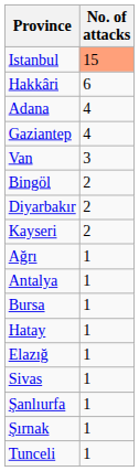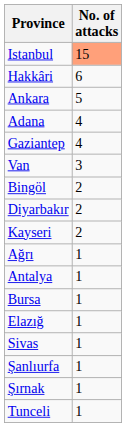 <table class="wikitable sortable" style="display:inline-table;">
 <tr>
 <th>Province</th>
 <th>No. of<br>attacks</th>
 </tr>
 <tr>
 <td><a href='#'>Istanbul</a></td>
 <td style="background: lightsalmon;">15</td>
 </tr>
 <tr>
 <td><a href='#'>Hakkâri</a></td>
 <td>6</td>
+</tr>
+<tr>
+<td><a href='#'>Ankara</a></td>
+<td>5</td>
 </tr>
 <tr>
 <td><a href='#'>Adana</a></td>
 <td>4</td>
 </tr>
 <tr>
 <td><a href='#'>Gaziantep</a></td>
 <td>4</td>
 </tr>
 <tr>
 <td><a href='#'>Van</a></td>
 <td>3</td>
 </tr>
 <tr>
 <td><a href='#'>Bingöl</a></td>
 <td>2</td>
 </tr>
 <tr>
 <td><a href='#'>Diyarbakır</a></td>
 <td>2</td>
 </tr>
 <tr>
 <td><a href='#'>Kayseri</a></td>
 <td>2</td>
 </tr>
 <tr>
 <td><a href='#'>Ağrı</a></td>
 <td>1</td>
 </tr>
 <tr>
 <td><a href='#'>Antalya</a></td>
 <td>1</td>
 </tr>
 <tr>
 <td><a href='#'>Bursa</a></td>
 <td>1</td>
 </tr>
 <tr>
-<td><a href='#'>Hatay</a></td>
-<td>1</td>
-</tr>
-<tr>
 <td><a href='#'>Elazığ</a></td>
 <td>1</td>
 </tr>
 <tr>
 <td><a href='#'>Sivas</a></td>
 <td>1</td>
 </tr>
 <tr>
 <td><a href='#'>Şanlıurfa</a></td>
 <td>1</td>
 </tr>
 <tr>
 <td><a href='#'>Şırnak</a></td>
 <td>1</td>
 </tr>
 <tr>
 <td><a href='#'>Tunceli</a></td>
 <td>1</td>
 </tr>
 </table>
